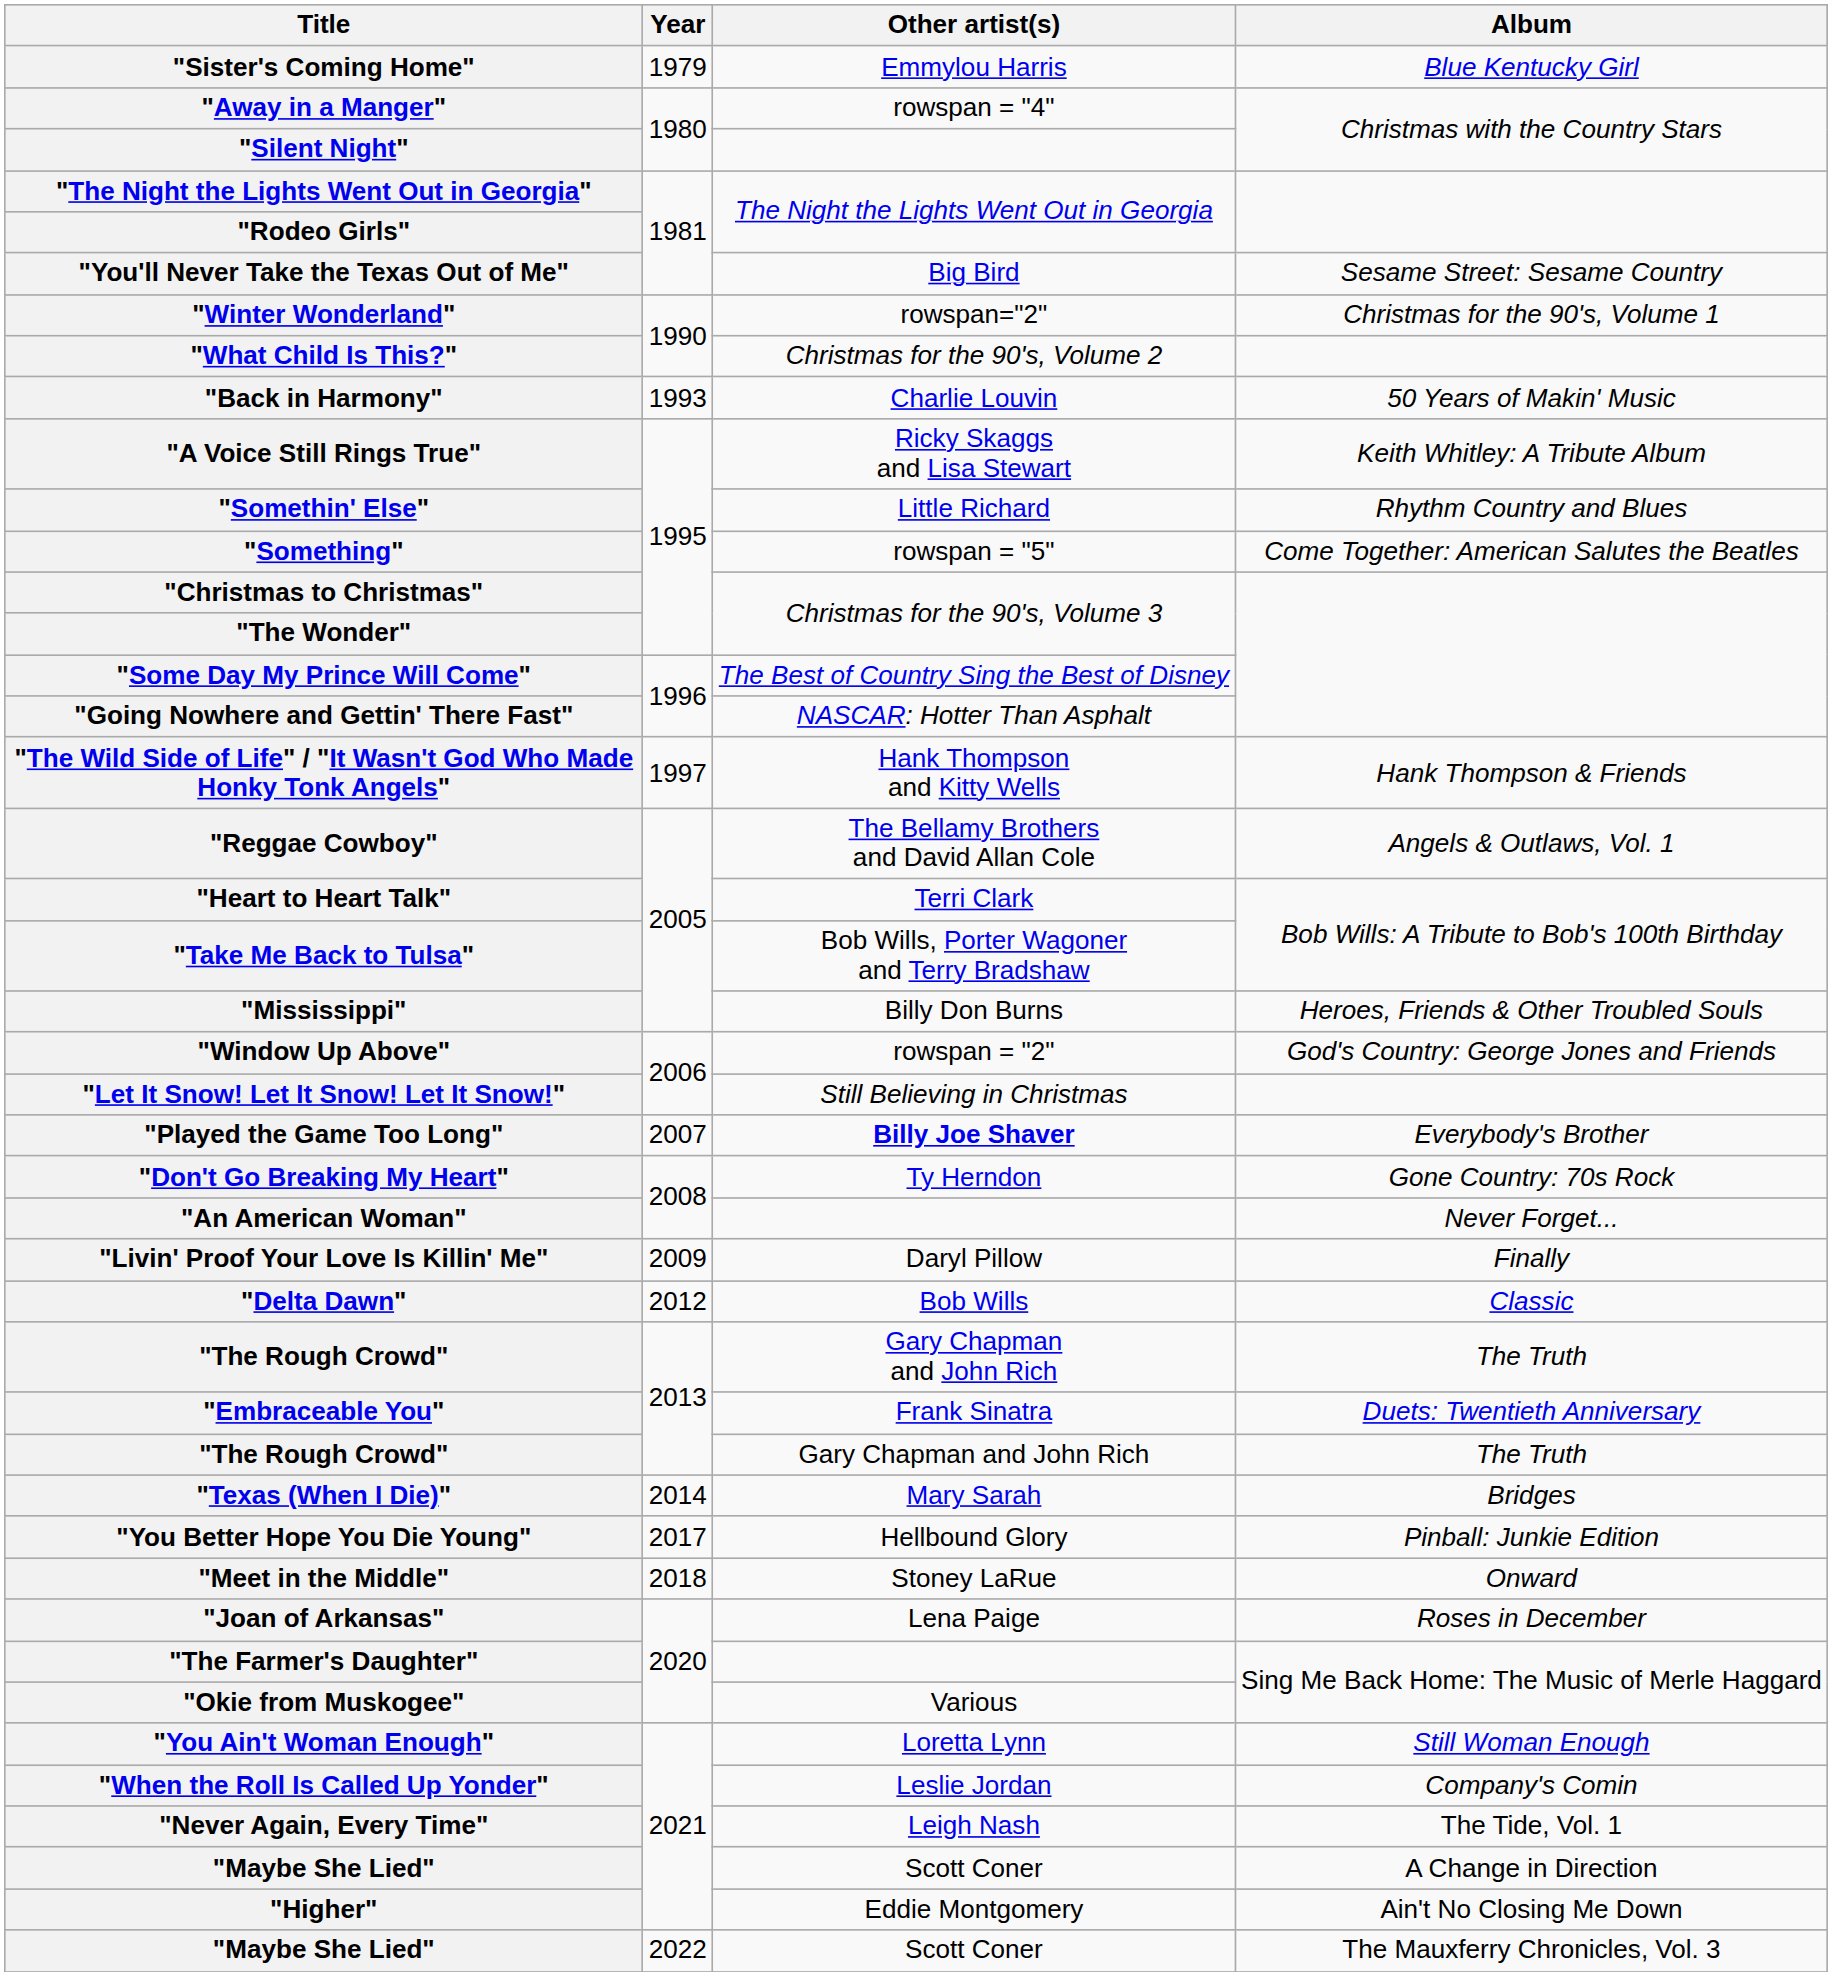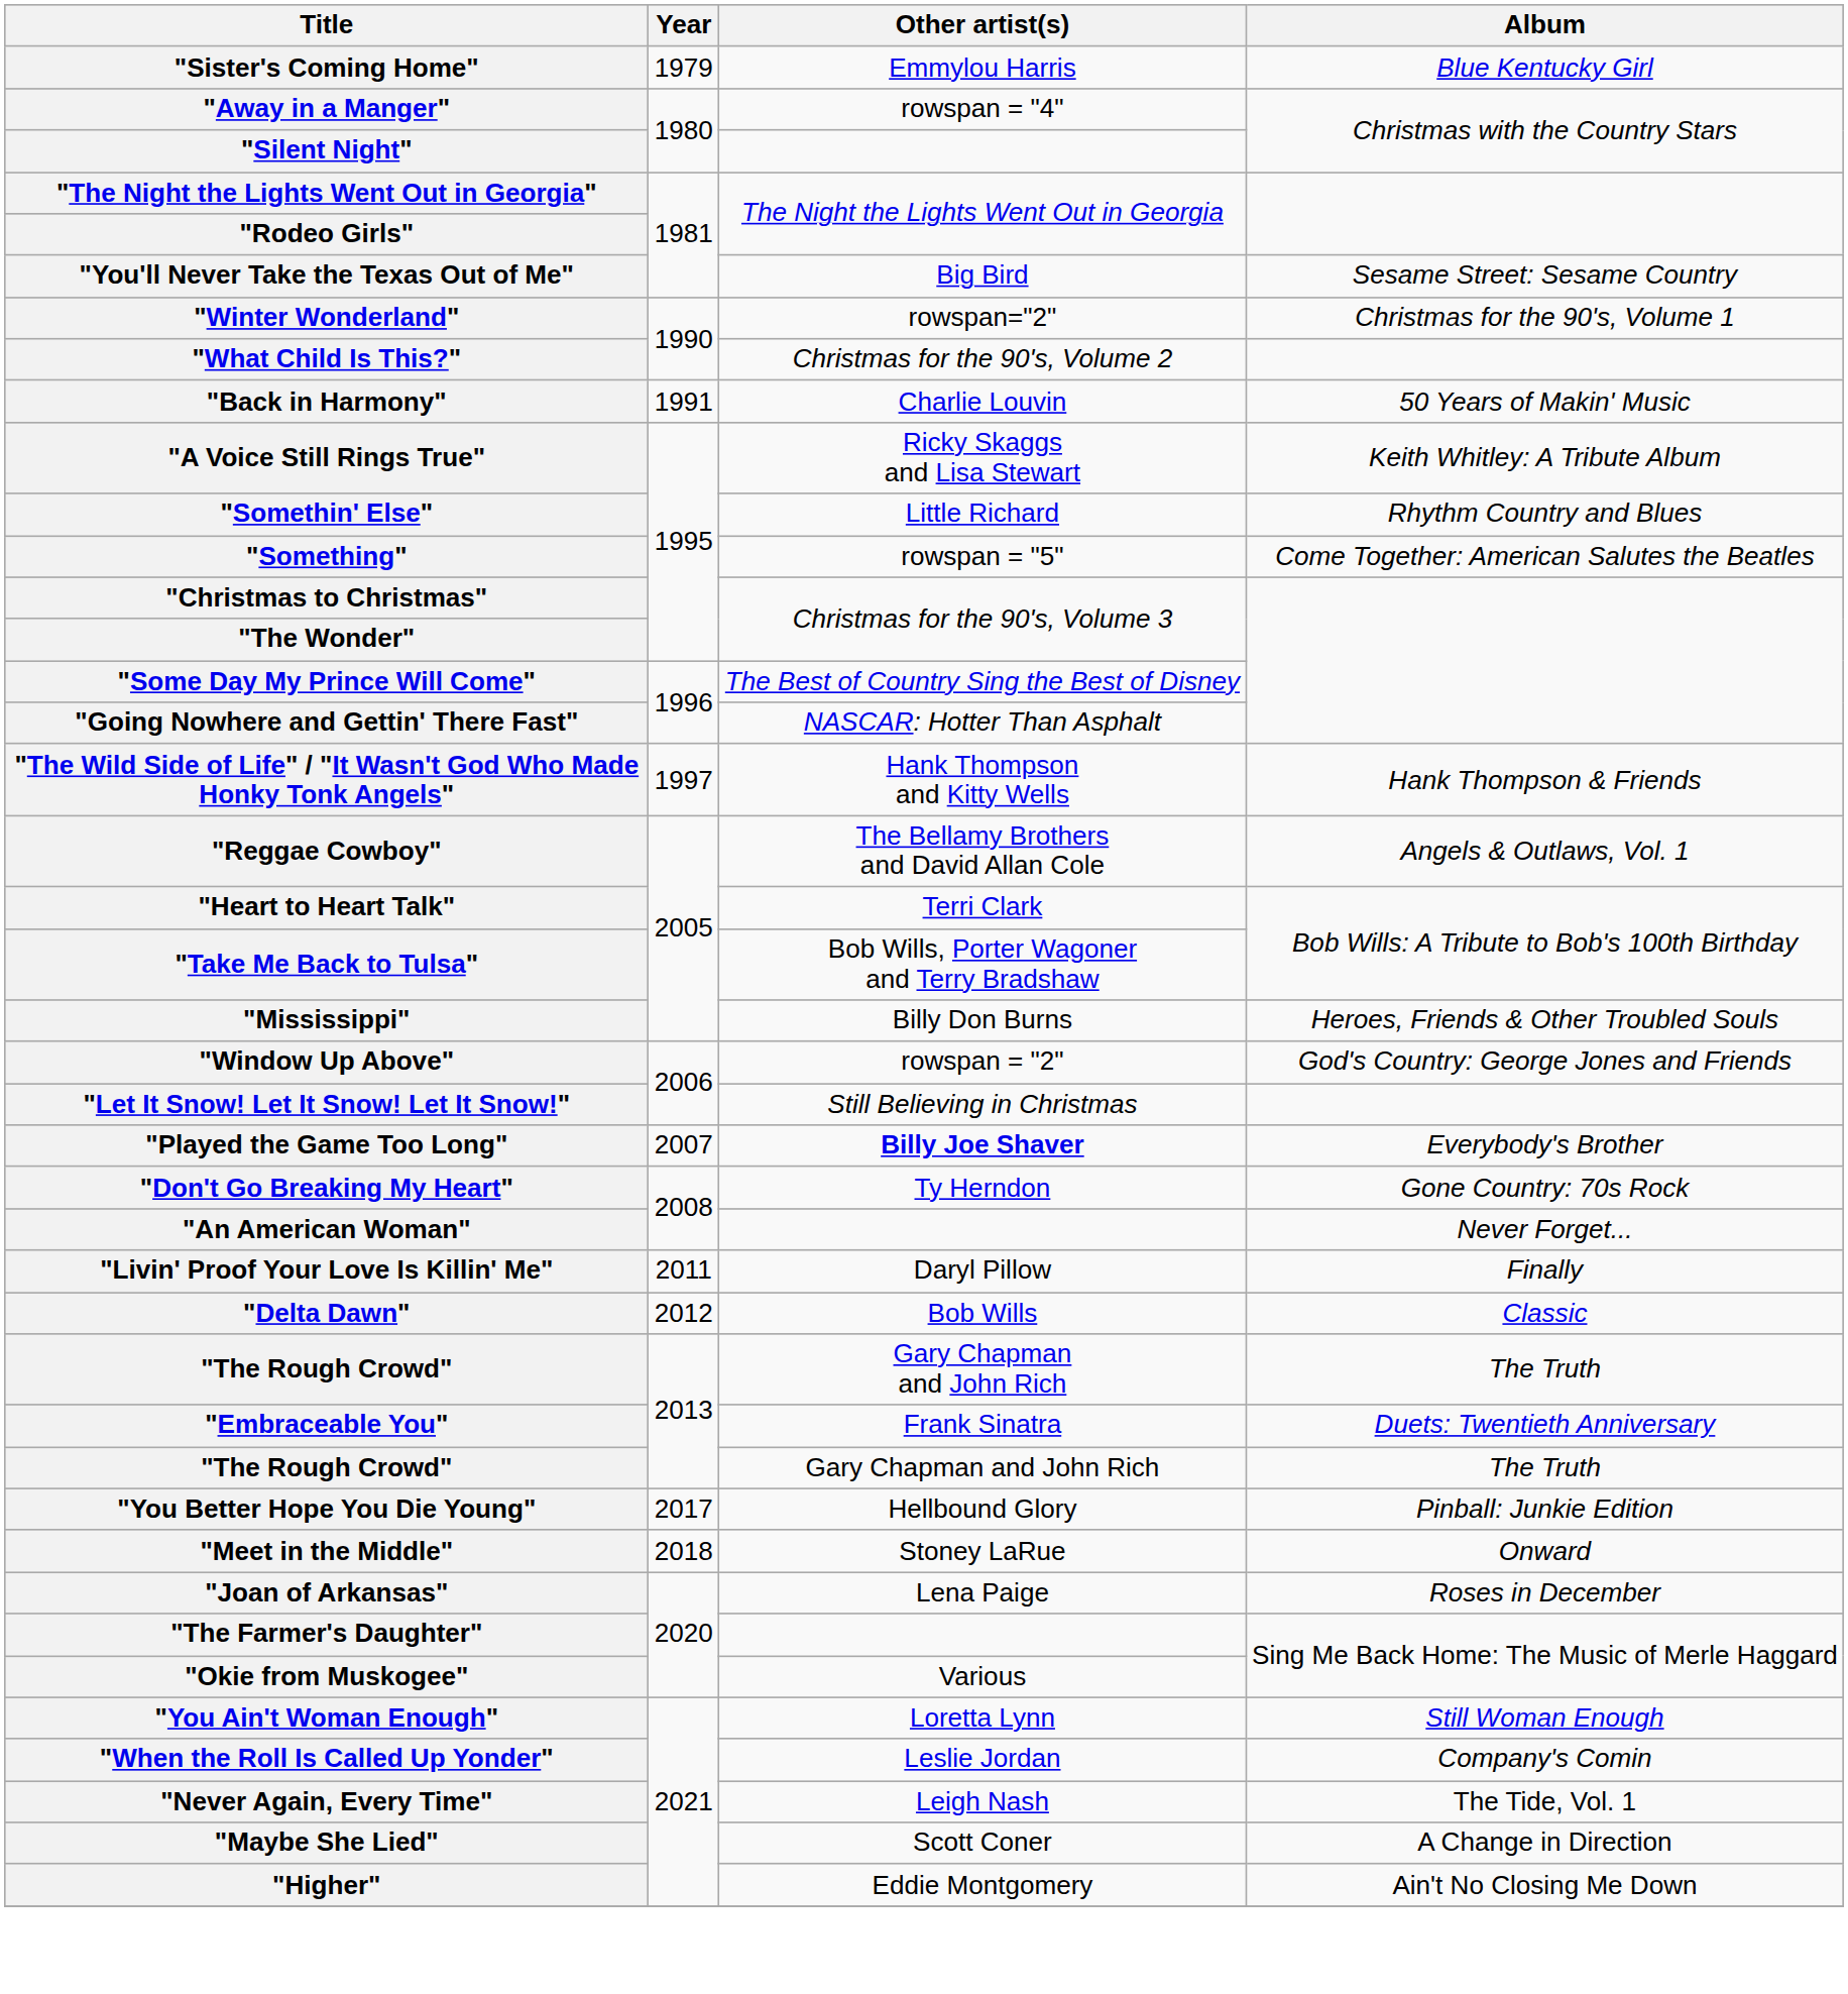 <table class="wikitable plainrowheaders" style="text-align:center;">
 <tr>
 <th scope="col" style="width:24em;">Title</th>
 <th scope="col">Year</th>
 <th scope="col">Other artist(s)</th>
 <th scope="col">Album</th>
 </tr>
 <tr>
 <th scope = "row">"Sister's Coming Home"</th>
 <td>1979</td>
 <td><a href='#'>Emmylou Harris</a></td>
 <td><em><a href='#'>Blue Kentucky Girl</a></em></td>
 </tr>
 <tr>
 <th scope = "row">"<a href='#'>Away in a Manger</a>"</th>
 <td rowspan = "2">1980</td>
 <td>rowspan = "4" </td>
 <td rowspan = "2"><em>Christmas with the Country Stars</em></td>
 </tr>
 <tr>
 <th scope = "row">"<a href='#'>Silent Night</a>"</th>
 </tr>
 <tr>
 <th scope = "row">"<a href='#'>The Night the Lights Went Out in Georgia</a>"</th>
 <td rowspan = "3">1981</td>
 <td rowspan = "2"><em><a href='#'>The Night the Lights Went Out in Georgia</a></em></td>
 </tr>
 <tr>
 <th scope = "row">"Rodeo Girls"</th>
 </tr>
 <tr>
 <th scope = "row">"You'll Never Take the Texas Out of Me"</th>
 <td><a href='#'>Big Bird</a></td>
 <td><em>Sesame Street: Sesame Country</em></td>
 </tr>
 <tr>
 <th scope = "row">"<a href='#'>Winter Wonderland</a>"</th>
 <td rowspan="2">1990</td>
 <td>rowspan="2" </td>
 <td><em>Christmas for the 90's, Volume 1</em></td>
 </tr>
 <tr>
 <th scope = "row">"<a href='#'>What Child Is This?</a>"</th>
 <td><em>Christmas for the 90's, Volume 2</em></td>
 </tr>
 <tr>
 <th scope = "row">"Back in Harmony"</th>
-<td>1993</td>
+<td>1991</td>
 <td><a href='#'>Charlie Louvin</a></td>
 <td><em>50 Years of Makin' Music</em></td>
 </tr>
 <tr>
 <th scope = "row">"A Voice Still Rings True"</th>
 <td rowspan = "5">1995</td>
 <td><a href='#'>Ricky Skaggs</a><br>and <a href='#'>Lisa Stewart</a></td>
 <td><em>Keith Whitley: A Tribute Album</em></td>
 </tr>
 <tr>
 <th scope = "row">"<a href='#'>Somethin' Else</a>"</th>
 <td><a href='#'>Little Richard</a></td>
 <td><em>Rhythm Country and Blues</em></td>
 </tr>
 <tr>
 <th scope = "row">"<a href='#'>Something</a>"</th>
 <td>rowspan = "5" </td>
 <td><em>Come Together: American Salutes the Beatles</em></td>
 </tr>
 <tr>
 <th scope = "row">"Christmas to Christmas"</th>
 <td rowspan = "2"><em>Christmas for the 90's, Volume 3</em></td>
 </tr>
 <tr>
 <th scope = "row">"The Wonder"</th>
 </tr>
 <tr>
 <th scope = "row">"<a href='#'>Some Day My Prince Will Come</a>"</th>
 <td rowspan = "2">1996</td>
 <td><em><a href='#'>The Best of Country Sing the Best of Disney</a></em></td>
 </tr>
 <tr>
 <th scope = "row">"Going Nowhere and Gettin' There Fast"</th>
 <td><em><a href='#'>NASCAR</a>: Hotter Than Asphalt</em></td>
 </tr>
 <tr>
 <th scope = "row">"<a href='#'>The Wild Side of Life</a>" / "<a href='#'>It Wasn't God Who Made Honky Tonk Angels</a>"</th>
 <td>1997</td>
 <td><a href='#'>Hank Thompson</a><br>and <a href='#'>Kitty Wells</a></td>
 <td><em>Hank Thompson & Friends</em></td>
 </tr>
 <tr>
 <th scope = "row">"Reggae Cowboy"</th>
 <td rowspan = "4">2005</td>
 <td><a href='#'>The Bellamy Brothers</a><br>and David Allan Cole</td>
 <td><em>Angels & Outlaws, Vol. 1</em></td>
 </tr>
 <tr>
 <th scope = "row">"Heart to Heart Talk"</th>
 <td><a href='#'>Terri Clark</a></td>
 <td rowspan = "2"><em>Bob Wills: A Tribute to Bob's 100th Birthday</em></td>
 </tr>
 <tr>
 <th scope = "row">"<a href='#'>Take Me Back to Tulsa</a>"</th>
 <td>Bob Wills, <a href='#'>Porter Wagoner</a><br>and <a href='#'>Terry Bradshaw</a></td>
 </tr>
 <tr>
 <th scope = "row">"Mississippi"</th>
 <td>Billy Don Burns</td>
 <td><em>Heroes, Friends & Other Troubled Souls</em></td>
 </tr>
 <tr>
 <th scope = "row">"Window Up Above"</th>
 <td rowspan = "2">2006</td>
 <td>rowspan = "2" </td>
 <td><em>God's Country: George Jones and Friends</em></td>
 </tr>
 <tr>
 <th scope = "row">"<a href='#'>Let It Snow! Let It Snow! Let It Snow!</a>"</th>
 <td><em>Still Believing in Christmas</em></td>
 </tr>
 <tr>
 <th scope = "row">"Played the Game Too Long"</th>
 <td>2007</td>
 <td><strong><a href='#'>Billy Joe Shaver</a></strong></td>
 <td><em>Everybody's Brother</em></td>
 </tr>
 <tr>
 <th scope = "row">"<a href='#'>Don't Go Breaking My Heart</a>"</th>
 <td rowspan = "2">2008</td>
 <td><a href='#'>Ty Herndon</a></td>
 <td><em>Gone Country: 70s Rock</em></td>
 </tr>
 <tr>
 <th scope = "row">"An American Woman"</th>
 <td></td>
 <td><em>Never Forget...</em></td>
 </tr>
 <tr>
 <th scope = "row">"Livin' Proof Your Love Is Killin' Me"</th>
-<td>2009</td>
+<td>2011</td>
 <td>Daryl Pillow</td>
 <td><em>Finally</em></td>
 </tr>
 <tr>
 <th scope = "row">"<a href='#'>Delta Dawn</a>"</th>
 <td>2012</td>
 <td><a href='#'>Bob Wills</a></td>
 <td><em><a href='#'>Classic</a></em></td>
 </tr>
 <tr>
 <th scope = "row">"The Rough Crowd"</th>
 <td rowspan = "3">2013</td>
 <td><a href='#'>Gary Chapman</a><br>and <a href='#'>John Rich</a></td>
 <td><em>The Truth</em></td>
 </tr>
 <tr>
 <th scope = "row">"<a href='#'>Embraceable You</a>"</th>
 <td><a href='#'>Frank Sinatra</a></td>
 <td><em><a href='#'>Duets: Twentieth Anniversary</a></em></td>
 </tr>
 <tr>
 <th scope = "row">"The Rough Crowd"</th>
 <td>Gary Chapman and John Rich</td>
 <td><em>The Truth</em></td>
-</tr>
-<tr>
-<th scope = "row">"<a href='#'>Texas (When I Die)</a>"</th>
-<td>2014</td>
-<td><a href='#'>Mary Sarah</a></td>
-<td><em>Bridges</em></td>
 </tr>
 <tr>
 <th scope = "row">"You Better Hope You Die Young"</th>
 <td>2017</td>
 <td>Hellbound Glory</td>
 <td><em>Pinball: Junkie Edition</em></td>
 </tr>
 <tr>
 <th scope = "row">"Meet in the Middle"</th>
 <td>2018</td>
 <td>Stoney LaRue</td>
 <td><em>Onward</em></td>
 </tr>
 <tr>
 <th scope = "row">"Joan of Arkansas"</th>
 <td rowspan = "3">2020</td>
 <td>Lena Paige</td>
 <td><em>Roses in December</em></td>
 </tr>
 <tr>
 <th scope = "row">"The Farmer's Daughter" </th>
 <td></td>
 <td rowspan = "2">Sing Me Back Home: The Music of Merle Haggard</td>
 </tr>
 <tr>
 <th scope = "row">"Okie from Muskogee" </th>
 <td>Various</td>
 </tr>
 <tr>
 <th scope = "row">"<a href='#'>You Ain't Woman Enough</a>"</th>
 <td rowspan = "5">2021</td>
 <td><a href='#'>Loretta Lynn</a></td>
 <td><em><a href='#'>Still Woman Enough</a></em></td>
 </tr>
 <tr>
 <th scope = "row">"<a href='#'>When the Roll Is Called Up Yonder</a>"</th>
 <td><a href='#'>Leslie Jordan</a></td>
 <td><em>Company's Comin<strong></td>
 </tr>
 <tr>
 <th scope = "row">"Never Again, Every Time"</th>
 <td><a href='#'>Leigh Nash</a></td>
 <td></em>The Tide, Vol. 1<em></td>
 </tr>
 <tr>
 <th scope= "row">"Maybe She Lied"</th>
 <td>Scott Coner</td>
 <td></em>A Change in Direction<em></td>
 </tr>
 <tr>
 <th scope= "row">"Higher"</th>
 <td>Eddie Montgomery</td>
 <td></em>Ain't No Closing Me Down<em></td>
 </tr>
 <tr>
-<th scope= "row">"Maybe She Lied" </th>
-<td>2022</td>
-<td>Scott Coner</td>
-<td></em>The Mauxferry Chronicles, Vol. 3<em></td>
-</tr>
-<tr>
 </tr>
 </table>
